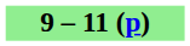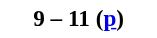 <table style="text-align:center">
 <tr>
 <th width=200></th>
 <th width=100></th>
 <th width=200></th>
 </tr>
 <tr>
 <td align=right></td>
-<td style="background: lightgreen;"><strong>9 – 11 (<a href='#'>p</a>)</strong></td>
+<td><strong>9 – 11 (<a href='#'>p</a>)</strong></td>
 <td align=left></td>
 </tr>
 </table>
